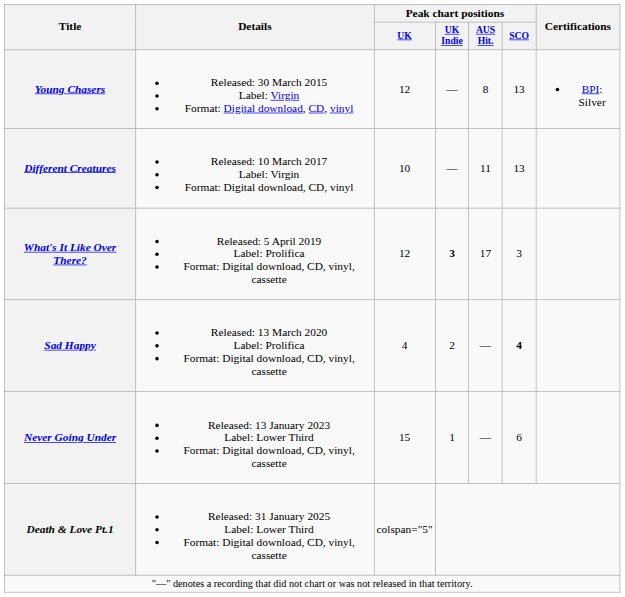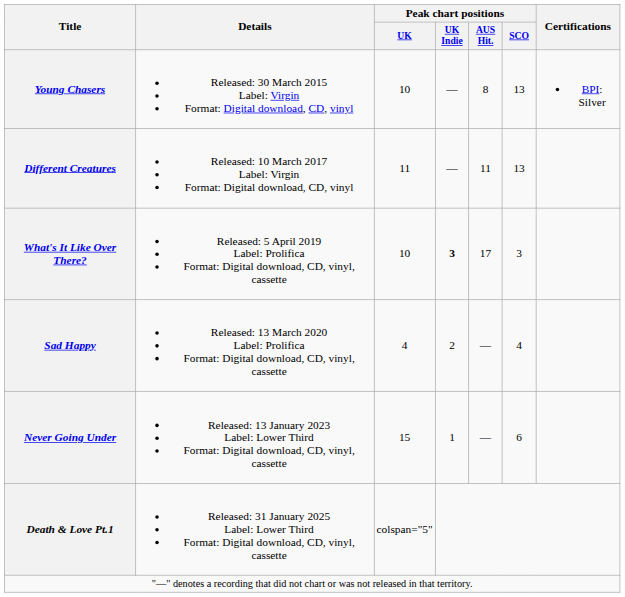 <table class="wikitable plainrowheaders" style="text-align:center;">
 <tr>
 <th scope="col" rowspan="2">Title</th>
 <th scope="col" rowspan="2">Details</th>
 <th scope="col" colspan="4">Peak chart positions</th>
 <th scope="col" rowspan="2">Certifications</th>
 </tr>
 <tr>
 <th scope="col" style="width:3em;font-size:85%;"><a href='#'>UK</a><br></th>
 <th scope="col" style="width:3em;font-size:85%;"><a href='#'>UK<br>Indie</a><br></th>
 <th scope="col" style="width:3em;font-size:85%;"><a href='#'>AUS<br>Hit.</a><br></th>
 <th scope="col" style="width:3em;font-size:85%;"><a href='#'>SCO</a><br></th>
 </tr>
 <tr>
 <th scope="row"><em><a href='#'>Young Chasers</a></em></th>
 <td><br><ul><li>Released: 30 March 2015</li><li>Label: <a href='#'>Virgin</a></li><li>Format: <a href='#'>Digital download</a>, <a href='#'>CD</a>, <a href='#'>vinyl</a></li></ul></td>
-<td>12</td>
+<td>10</td>
 <td>—</td>
 <td>8</td>
 <td>13</td>
 <td><br><ul><li><a href='#'>BPI</a>: Silver</li></ul></td>
 </tr>
 <tr>
 <th scope="row"><em><a href='#'>Different Creatures</a></em></th>
 <td><br><ul><li>Released: 10 March 2017</li><li>Label: Virgin</li><li>Format: Digital download, CD, vinyl</li></ul></td>
-<td>10</td>
+<td>11</td>
 <td>—</td>
 <td>11</td>
 <td>13</td>
 <td></td>
 </tr>
 <tr>
 <th scope="row"><em><a href='#'>What's It Like Over There?</a></em></th>
 <td><br><ul><li>Released: 5 April 2019</li><li>Label: Prolifica</li><li>Format: Digital download, CD, vinyl, cassette</li></ul></td>
-<td>12</td>
+<td>10</td>
 <td><strong>3</strong></td>
 <td>17</td>
 <td>3</td>
 <td></td>
 </tr>
 <tr>
 <th scope="row"><em><a href='#'>Sad Happy</a></em></th>
 <td><br><ul><li>Released: 13 March 2020</li><li>Label: Prolifica</li><li>Format: Digital download, CD, vinyl, cassette</li></ul></td>
 <td>4</td>
 <td>2</td>
 <td>—</td>
-<td><strong>4</strong></td>
+<td>4</td>
 <td></td>
 </tr>
 <tr>
 <th scope="row"><em><a href='#'>Never Going Under</a></em></th>
 <td><br><ul><li>Released: 13 January 2023</li><li>Label: Lower Third</li><li>Format: Digital download, CD, vinyl, cassette</li></ul></td>
 <td>15</td>
 <td>1</td>
 <td>—</td>
 <td>6</td>
 <td></td>
 </tr>
 <tr>
 <th scope="row"><em>Death & Love Pt.1</em></th>
 <td><br><ul><li>Released: 31 January 2025</li><li>Label: Lower Third</li><li>Format: Digital download, CD, vinyl, cassette</li></ul></td>
 <td>colspan="5" </td>
 </tr>
 <tr>
 <td colspan="8" style="font-size:90%">"—" denotes a recording that did not chart or was not released in that territory.</td>
 </tr>
 </table>
